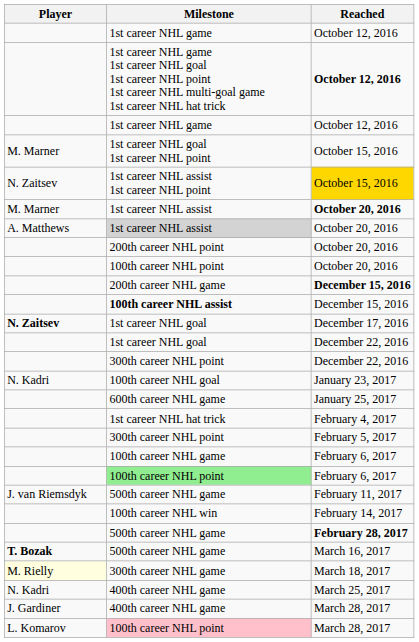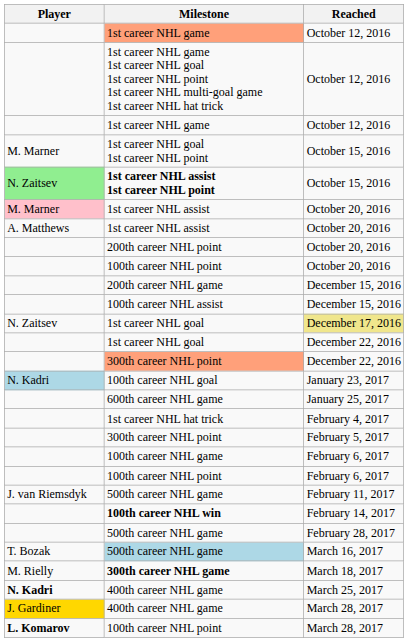 <table class="wikitable sortable">
 <tr align=center>
 <th style="width:25%;">Player</th>
 <th style="width:50%;">Milestone</th>
 <th style="width:50%;" data-sort-type="date">Reached</th>
 </tr>
 <tr>
 <td></td>
-<td>1st career NHL game</td>
+<td style="background: lightsalmon;">1st career NHL game</td>
 <td>October 12, 2016</td>
 </tr>
 <tr>
 <td></td>
 <td>1st career NHL game<br>1st career NHL goal<br>1st career NHL point<br>1st career NHL multi-goal game<br>1st career NHL hat trick</td>
-<td><strong>October 12, 2016</strong></td>
+<td>October 12, 2016</td>
 </tr>
 <tr>
 <td></td>
 <td>1st career NHL game</td>
 <td>October 12, 2016</td>
 </tr>
 <tr>
 <td>M. Marner</td>
 <td>1st career NHL goal<br>1st career NHL point</td>
 <td>October 15, 2016</td>
 </tr>
 <tr>
-<td>N. Zaitsev</td>
-<td>1st career NHL assist<br>1st career NHL point</td>
-<td style="background: gold;">October 15, 2016</td>
+<td style="background: lightgreen;">N. Zaitsev</td>
+<td><strong>1st career NHL assist<br>1st career NHL point</strong></td>
+<td>October 15, 2016</td>
 </tr>
 <tr>
-<td>M. Marner</td>
+<td style="background: pink;">M. Marner</td>
 <td>1st career NHL assist</td>
-<td><strong>October 20, 2016</strong></td>
+<td>October 20, 2016</td>
 </tr>
 <tr>
 <td>A. Matthews</td>
-<td style="background: lightgrey;">1st career NHL assist</td>
+<td>1st career NHL assist</td>
 <td>October 20, 2016</td>
 </tr>
 <tr>
 <td></td>
 <td>200th career NHL point</td>
 <td>October 20, 2016</td>
 </tr>
 <tr>
 <td></td>
 <td>100th career NHL point</td>
 <td>October 20, 2016</td>
 </tr>
 <tr>
 <td></td>
 <td>200th career NHL game</td>
-<td><strong>December 15, 2016</strong></td>
+<td>December 15, 2016</td>
 </tr>
 <tr>
 <td></td>
-<td><strong>100th career NHL assist</strong></td>
+<td>100th career NHL assist</td>
 <td>December 15, 2016</td>
 </tr>
 <tr>
-<td><strong>N. Zaitsev</strong></td>
+<td>N. Zaitsev</td>
 <td>1st career NHL goal</td>
-<td>December 17, 2016</td>
+<td style="background: khaki;">December 17, 2016</td>
 </tr>
 <tr>
 <td></td>
 <td>1st career NHL goal</td>
 <td>December 22, 2016</td>
 </tr>
 <tr>
 <td></td>
-<td>300th career NHL point</td>
+<td style="background: lightsalmon;">300th career NHL point</td>
 <td>December 22, 2016</td>
 </tr>
 <tr>
-<td>N. Kadri</td>
+<td style="background: lightblue;">N. Kadri</td>
 <td>100th career NHL goal</td>
 <td>January 23, 2017</td>
 </tr>
 <tr>
 <td></td>
 <td>600th career NHL game</td>
 <td>January 25, 2017</td>
 </tr>
 <tr>
 <td></td>
 <td>1st career NHL hat trick</td>
 <td>February 4, 2017</td>
 </tr>
 <tr>
 <td></td>
 <td>300th career NHL point</td>
 <td>February 5, 2017</td>
 </tr>
 <tr>
 <td></td>
 <td>100th career NHL game</td>
 <td>February 6, 2017</td>
 </tr>
 <tr>
 <td></td>
-<td style="background: lightgreen;">100th career NHL point</td>
+<td>100th career NHL point</td>
 <td>February 6, 2017</td>
 </tr>
 <tr>
 <td>J. van Riemsdyk</td>
 <td>500th career NHL game</td>
 <td>February 11, 2017</td>
 </tr>
 <tr>
 <td></td>
-<td>100th career NHL win</td>
+<td><strong>100th career NHL win</strong></td>
 <td>February 14, 2017</td>
 </tr>
 <tr>
 <td></td>
 <td>500th career NHL game</td>
-<td><strong>February 28, 2017</strong></td>
+<td>February 28, 2017</td>
 </tr>
 <tr>
-<td><strong>T. Bozak</strong></td>
-<td>500th career NHL game</td>
+<td>T. Bozak</td>
+<td style="background: lightblue;">500th career NHL game</td>
 <td>March 16, 2017</td>
 </tr>
 <tr>
-<td style="background: lightyellow;">M. Rielly</td>
-<td>300th career NHL game</td>
+<td>M. Rielly</td>
+<td><strong>300th career NHL game</strong></td>
 <td>March 18, 2017</td>
 </tr>
 <tr>
-<td>N. Kadri</td>
+<td><strong>N. Kadri</strong></td>
 <td>400th career NHL game</td>
 <td>March 25, 2017</td>
 </tr>
 <tr>
-<td>J. Gardiner</td>
+<td style="background: gold;">J. Gardiner</td>
 <td>400th career NHL game</td>
 <td>March 28, 2017</td>
 </tr>
 <tr>
-<td>L. Komarov</td>
-<td style="background: pink;">100th career NHL point</td>
+<td><strong>L. Komarov</strong></td>
+<td>100th career NHL point</td>
 <td>March 28, 2017</td>
 </tr>
 </table>
